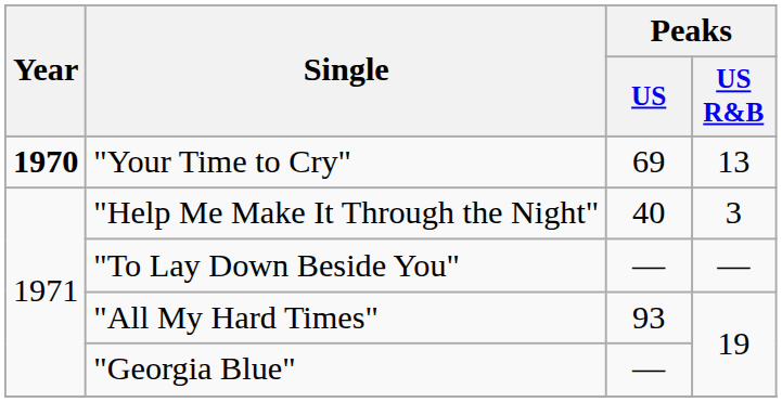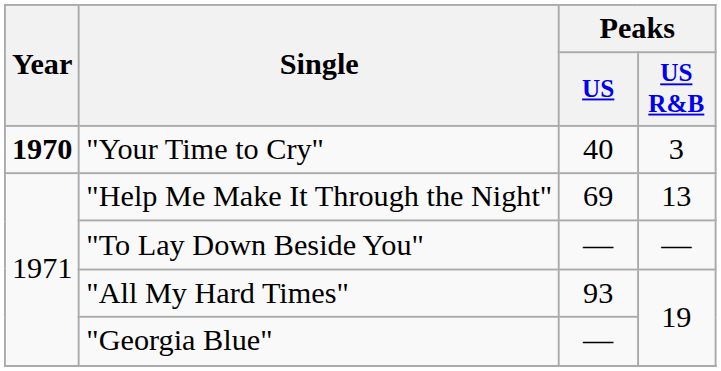 <table class="wikitable" style="text-align:center;">
 <tr>
 <th rowspan="2">Year</th>
 <th rowspan="2">Single</th>
 <th colspan="2">Peaks</th>
 </tr>
 <tr style="font-size:smaller;">
 <th width="35"><a href='#'>US</a><br></th>
 <th width="35"><a href='#'>US<br>R&B</a><br></th>
 </tr>
 <tr>
 <td rowspan="1"><strong>1970</strong></td>
 <td align="left">"Your Time to Cry"</td>
-<td>69</td>
-<td>13</td>
+<td>40</td>
+<td>3</td>
 </tr>
 <tr>
 <td rowspan="4">1971</td>
 <td align="left">"Help Me Make It Through the Night"</td>
-<td>40</td>
-<td>3</td>
+<td>69</td>
+<td>13</td>
 </tr>
 <tr>
 <td align="left">"To Lay Down Beside You"</td>
 <td>—</td>
 <td>—</td>
 </tr>
 <tr>
 <td align="left">"All My Hard Times"</td>
 <td>93</td>
 <td rowspan="2">19</td>
 </tr>
 <tr>
 <td align="left">"Georgia Blue"</td>
 <td>—</td>
 </tr>
 <tr>
 </tr>
 </table>
